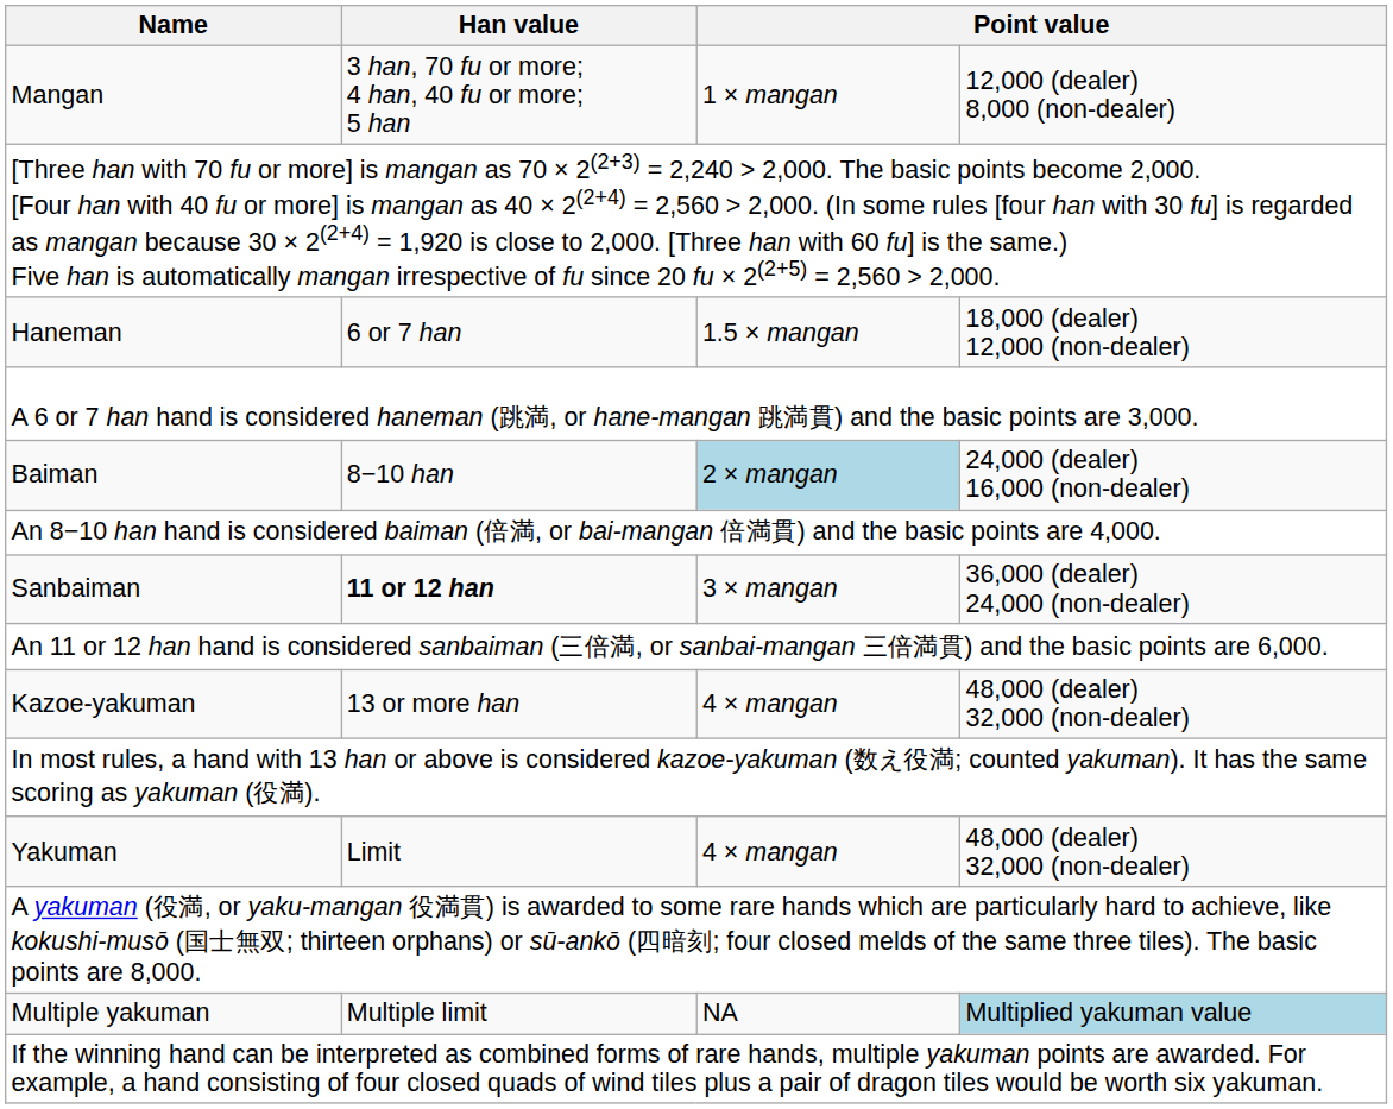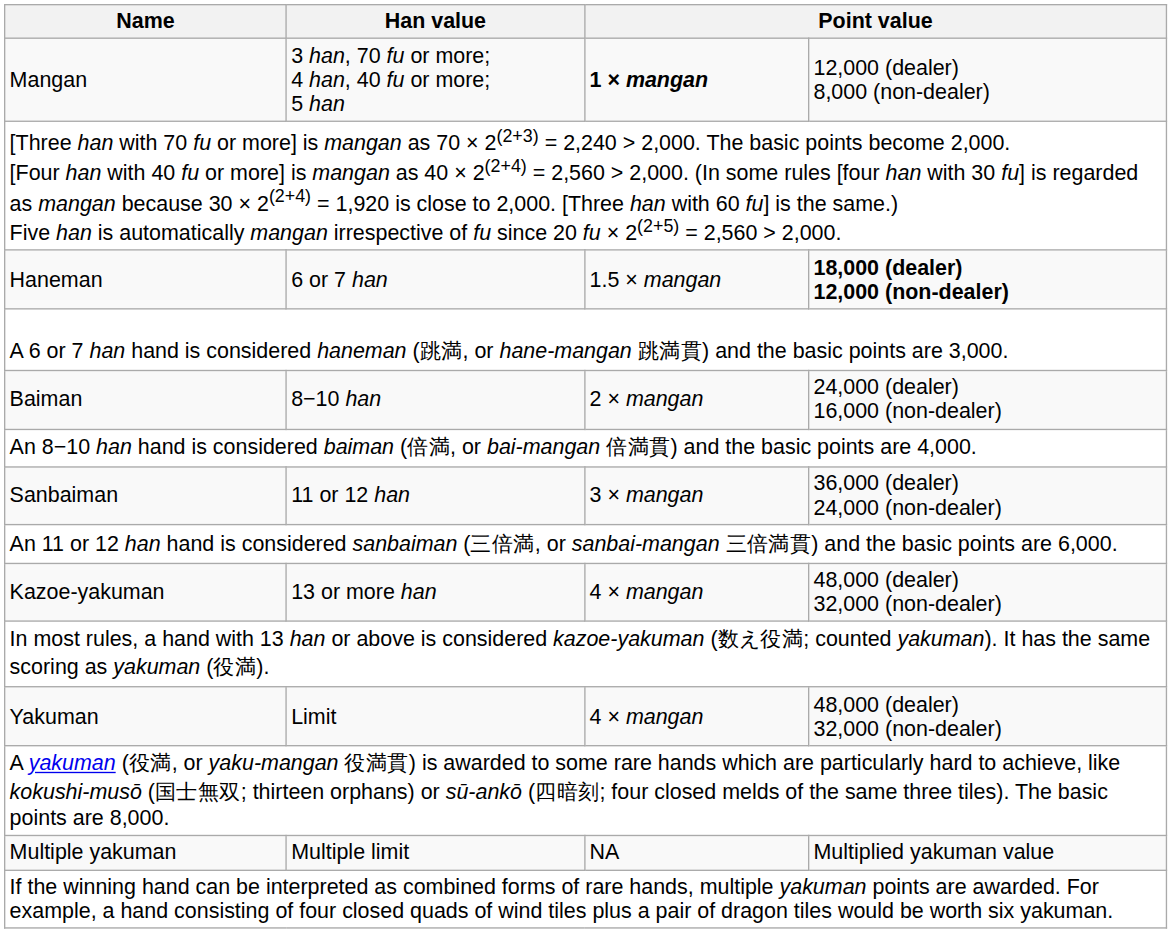 <table class="wikitable">
 <tr>
 <th>Name</th>
 <th>Han value</th>
 <th colspan="2">Point value</th>
 </tr>
 <tr>
 <td>Mangan</td>
 <td>3 <em>han</em>, 70 <em>fu</em> or more;<br> 4 <em>han</em>, 40 <em>fu</em> or more;<br> 5 <em>han</em></td>
-<td>1 × <em>mangan</em></td>
+<td><strong>1 × <em>mangan</em></strong></td>
 <td>12,000 (dealer)<br>8,000 (non-dealer)</td>
 </tr>
 <tr>
 <td style="background: #FFFFFF" colspan=4>[Three <em>han</em> with 70 <em>fu</em> or more] is <em>mangan</em> as 70 × 2<sup>(2+3)</sup> = 2,240 > 2,000. The basic points become 2,000.<br>[Four <em>han</em> with 40 <em>fu</em> or more] is <em>mangan</em> as 40 × 2<sup>(2+4)</sup> = 2,560 > 2,000. (In some rules [four <em>han</em> with 30 <em>fu</em>] is regarded as <em>mangan</em> because 30 × 2<sup>(2+4)</sup> = 1,920 is close to 2,000. [Three <em>han</em> with 60 <em>fu</em>] is the same.)<br>Five <em>han</em> is automatically <em>mangan</em> irrespective of <em>fu</em> since 20 <em>fu</em> × 2<sup>(2+5)</sup> = 2,560 > 2,000.</td>
 </tr>
 <tr>
 <td>Haneman</td>
 <td>6 or 7 <em>han</em></td>
 <td>1.5 × <em>mangan</em></td>
-<td>18,000 (dealer)<br>12,000 (non-dealer)</td>
+<td><strong>18,000 (dealer)<br>12,000 (non-dealer)</strong></td>
 </tr>
 <tr>
 <td style="background: #FFFFFF" colspan=4><br>A 6 or 7 <em>han</em> hand is considered <em>haneman</em> (跳満, or <em>hane-mangan</em> 跳満貫) and the basic points are 3,000.</td>
 </tr>
 <tr>
 <td>Baiman</td>
 <td>8−10 <em>han</em></td>
-<td style="background: lightblue;">2 × <em>mangan</em></td>
+<td>2 × <em>mangan</em></td>
 <td>24,000 (dealer)<br>16,000 (non-dealer)</td>
 </tr>
 <tr>
 <td style="background: #FFFFFF" colspan=4>An 8−10 <em>han</em> hand is considered <em>baiman</em> (倍満, or <em>bai-mangan</em> 倍満貫) and the basic points are 4,000.</td>
 </tr>
 <tr>
 <td>Sanbaiman</td>
-<td><strong>11 or 12 <em>han</em></strong></td>
+<td>11 or 12 <em>han</em></td>
 <td>3 × <em>mangan</em></td>
 <td>36,000 (dealer)<br>24,000 (non-dealer)</td>
 </tr>
 <tr>
 <td style="background: #FFFFFF" colspan=4>An 11 or 12 <em>han</em> hand is considered <em>sanbaiman</em> (三倍満, or <em>sanbai-mangan</em> 三倍満貫) and the basic points are 6,000.</td>
 </tr>
 <tr>
 <td>Kazoe-yakuman</td>
 <td>13 or more <em>han</em></td>
 <td>4 × <em>mangan</em></td>
 <td>48,000 (dealer)<br>32,000 (non-dealer)</td>
 </tr>
 <tr>
 <td style="background: #FFFFFF" colspan=4>In most rules, a hand with 13 <em>han</em> or above is considered <em>kazoe-yakuman</em> (数え役満; counted <em>yakuman</em>). It has the same scoring as <em>yakuman</em> (役満).</td>
 </tr>
 <tr>
 <td>Yakuman</td>
 <td>Limit</td>
 <td>4 × <em>mangan</em></td>
 <td>48,000 (dealer)<br>32,000 (non-dealer)</td>
 </tr>
 <tr>
 <td style="background: #FFFFFF" colspan=4>A <a href='#'><em>yakuman</em></a> (役満, or <em>yaku-mangan</em> 役満貫) is awarded to some rare hands which are particularly hard to achieve, like <em>kokushi-musō</em> (国士無双; thirteen orphans) or <em>sū-ankō</em> (四暗刻; four closed melds of the same three tiles). The basic points are 8,000.</td>
 </tr>
 <tr>
 <td>Multiple yakuman</td>
 <td>Multiple limit</td>
 <td>NA</td>
-<td style="background: lightblue;">Multiplied yakuman value</td>
+<td>Multiplied yakuman value</td>
 </tr>
 <tr>
 <td style="background: #FFFFFF" colspan=4>If the winning hand can be interpreted as combined forms of rare hands, multiple <em>yakuman</em> points are awarded. For example, a hand consisting of four closed quads of wind tiles plus a pair of dragon tiles would be worth six yakuman.</td>
 </tr>
 </table>
